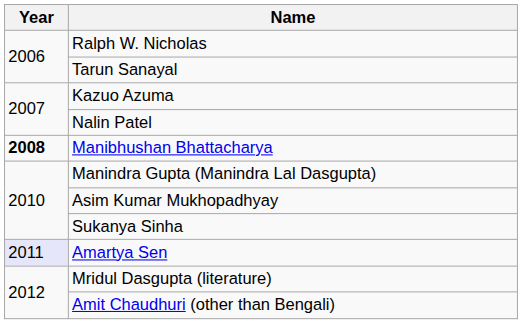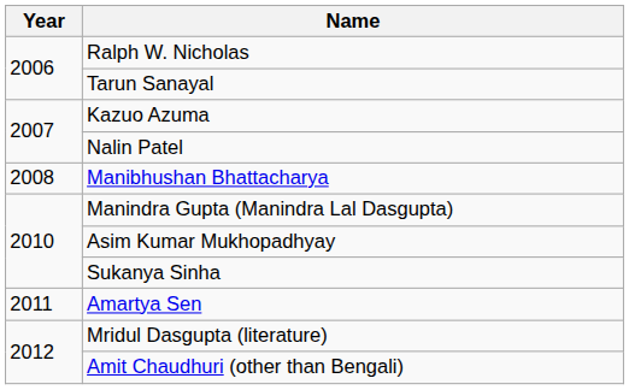 <table class="wikitable" width="80%" align="center">
 <tr>
 <th>Year</th>
 <th>Name</th>
 </tr>
 <tr>
 <td rowspan="2">2006</td>
 <td>Ralph W. Nicholas</td>
 </tr>
 <tr>
 <td>Tarun Sanayal</td>
 </tr>
 <tr>
 <td rowspan="2">2007</td>
 <td>Kazuo Azuma</td>
 </tr>
 <tr>
 <td>Nalin Patel</td>
 </tr>
 <tr>
-<td><strong>2008</strong></td>
+<td>2008</td>
 <td><a href='#'>Manibhushan Bhattacharya</a></td>
 </tr>
 <tr>
 <td rowspan="3">2010</td>
 <td>Manindra Gupta (Manindra Lal Dasgupta)</td>
 </tr>
 <tr>
 <td>Asim Kumar Mukhopadhyay</td>
 </tr>
 <tr>
 <td>Sukanya Sinha</td>
 </tr>
 <tr>
-<td style="background: lavender;">2011</td>
+<td>2011</td>
 <td><a href='#'>Amartya Sen</a></td>
 </tr>
 <tr>
 <td rowspan="2">2012</td>
 <td>Mridul Dasgupta (literature)</td>
 </tr>
 <tr>
 <td><a href='#'>Amit Chaudhuri</a> (other than Bengali)</td>
 </tr>
 </table>
